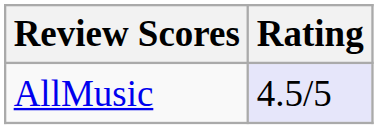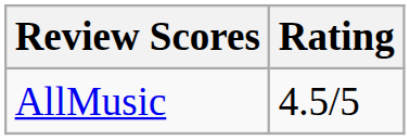 <table class="wikitable">
 <tr>
 <th>Review Scores</th>
 <th>Rating</th>
 </tr>
 <tr>
 <td><a href='#'>AllMusic</a></td>
-<td style="background: lavender;">4.5/5</td>
+<td>4.5/5</td>
 </tr>
 </table>
